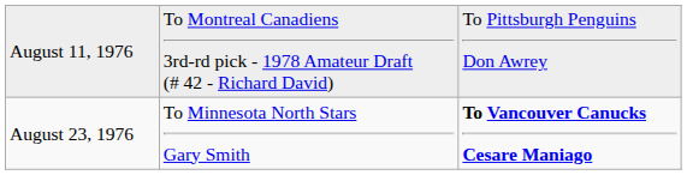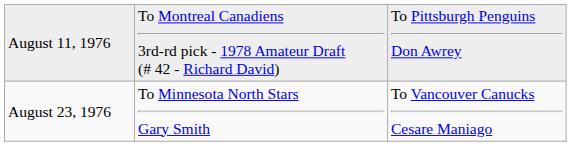 <table class="wikitable" style="border:1px solid #999; width:580px;">
 <tr style="background:#eee;">
 <td>August 11, 1976</td>
 <td valign="top">To <a href='#'>Montreal Canadiens</a><hr>3rd-rd pick - <a href='#'>1978 Amateur Draft</a><br>(# 42 - <a href='#'>Richard David</a>)</td>
 <td valign="top">To <a href='#'>Pittsburgh Penguins</a><hr><a href='#'>Don Awrey</a></td>
 </tr>
 <tr>
 <td>August 23, 1976</td>
 <td valign="top">To <a href='#'>Minnesota North Stars</a><hr><a href='#'>Gary Smith</a></td>
-<td valign="top"><strong>To <a href='#'>Vancouver Canucks</a><hr><a href='#'>Cesare Maniago</a></strong></td>
+<td valign="top">To <a href='#'>Vancouver Canucks</a><hr><a href='#'>Cesare Maniago</a></td>
 </tr>
 </table>
